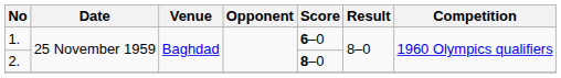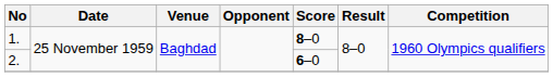 <table class="wikitable" style="font-size:100%;">
 <tr>
 <th>No</th>
 <th>Date</th>
 <th>Venue</th>
 <th>Opponent</th>
 <th>Score</th>
 <th>Result</th>
 <th>Competition</th>
 </tr>
 <tr>
 <td>1.</td>
 <td rowspan="2">25 November 1959</td>
 <td rowspan="2"><a href='#'>Baghdad</a></td>
 <td rowspan="2"></td>
-<td><strong>6</strong>–0</td>
+<td><strong>8</strong>–0</td>
 <td rowspan="2">8–0</td>
 <td rowspan="2"><a href='#'>1960 Olympics qualifiers</a></td>
 </tr>
 <tr>
 <td>2.</td>
-<td><strong>8</strong>–0</td>
+<td><strong>6</strong>–0</td>
 </tr>
 <tr>
 </tr>
 </table>
